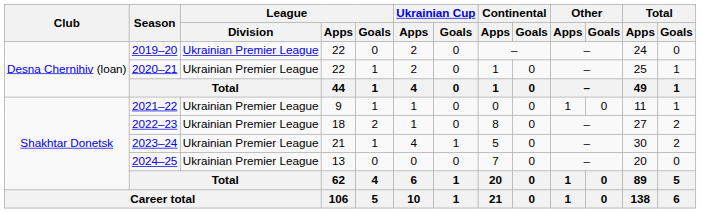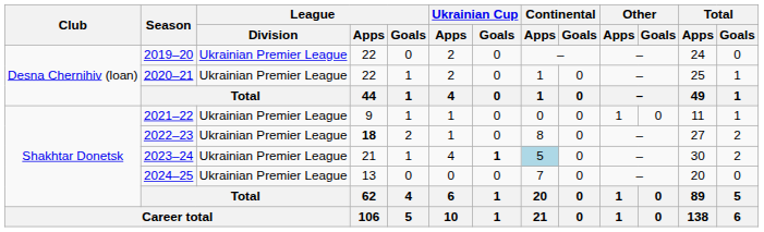 <table class="wikitable" style="text-align:center">
 <tr>
 <th rowspan="2">Club</th>
 <th rowspan="2">Season</th>
 <th colspan="3">League</th>
 <th colspan="2"><a href='#'>Ukrainian Cup</a></th>
 <th colspan="2">Continental</th>
 <th colspan="2">Other</th>
 <th colspan="2">Total</th>
 </tr>
 <tr>
 <th>Division</th>
 <th>Apps</th>
 <th>Goals</th>
 <th>Apps</th>
 <th>Goals</th>
 <th>Apps</th>
 <th>Goals</th>
 <th>Apps</th>
 <th>Goals</th>
 <th>Apps</th>
 <th>Goals</th>
 </tr>
 <tr>
 <td rowspan="3"><a href='#'>Desna Chernihiv</a> (loan)</td>
 <td><a href='#'>2019–20</a></td>
 <td><a href='#'>Ukrainian Premier League</a></td>
 <td>22</td>
 <td>0</td>
 <td>2</td>
 <td>0</td>
 <td colspan="2">–</td>
 <td colspan="2">–</td>
 <td>24</td>
 <td>0</td>
 </tr>
 <tr>
 <td><a href='#'>2020–21</a></td>
 <td>Ukrainian Premier League</td>
 <td>22</td>
 <td>1</td>
 <td>2</td>
 <td>0</td>
 <td>1</td>
 <td>0</td>
 <td colspan="2">–</td>
 <td>25</td>
 <td>1</td>
 </tr>
 <tr>
 <th colspan="2">Total</th>
 <th>44</th>
 <th>1</th>
 <th>4</th>
 <th>0</th>
 <th>1</th>
 <th>0</th>
 <th colspan="2">–</th>
 <th>49</th>
 <th>1</th>
 </tr>
 <tr>
 <td rowspan="5"><a href='#'>Shakhtar Donetsk</a></td>
 <td><a href='#'>2021–22</a></td>
 <td>Ukrainian Premier League</td>
 <td>9</td>
 <td>1</td>
 <td>1</td>
 <td>0</td>
 <td>0</td>
 <td>0</td>
 <td>1</td>
 <td>0</td>
 <td>11</td>
 <td>1</td>
 </tr>
 <tr>
 <td><a href='#'>2022–23</a></td>
 <td>Ukrainian Premier League</td>
-<td>18</td>
+<td><strong>18</strong></td>
 <td>2</td>
 <td>1</td>
 <td>0</td>
 <td>8</td>
 <td>0</td>
 <td colspan="2">–</td>
 <td>27</td>
 <td>2</td>
 </tr>
 <tr>
 <td><a href='#'>2023–24</a></td>
 <td>Ukrainian Premier League</td>
 <td>21</td>
 <td>1</td>
 <td>4</td>
-<td>1</td>
-<td>5</td>
+<td><strong>1</strong></td>
+<td style="background: lightblue;">5</td>
 <td>0</td>
 <td colspan="2">–</td>
 <td>30</td>
 <td>2</td>
 </tr>
 <tr>
 <td><a href='#'>2024–25</a></td>
 <td>Ukrainian Premier League</td>
 <td>13</td>
 <td>0</td>
 <td>0</td>
 <td>0</td>
 <td>7</td>
 <td>0</td>
 <td colspan="2">–</td>
 <td>20</td>
 <td>0</td>
 </tr>
 <tr>
 <th colspan="2">Total</th>
 <th>62</th>
 <th>4</th>
 <th>6</th>
 <th>1</th>
 <th>20</th>
 <th>0</th>
 <th>1</th>
 <th>0</th>
 <th>89</th>
 <th>5</th>
 </tr>
 <tr>
 <th colspan="3">Career total</th>
 <th>106</th>
 <th>5</th>
 <th>10</th>
 <th>1</th>
 <th>21</th>
 <th>0</th>
 <th>1</th>
 <th>0</th>
 <th>138</th>
 <th>6</th>
 </tr>
 </table>
